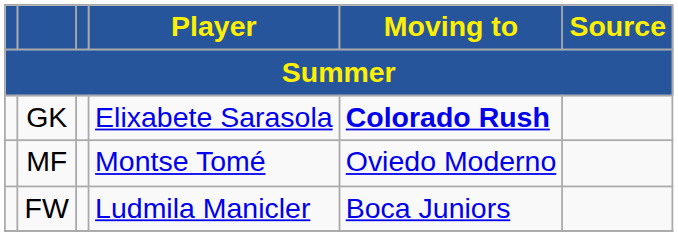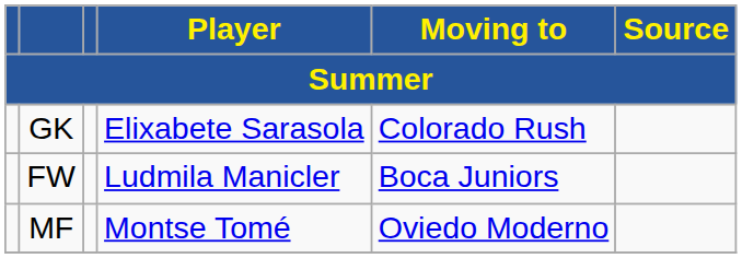 <table class="wikitable plainrowheaders sortable" style="text-align:center">
 <tr>
 <th style="background:#26559B; color:#FFF000; "></th>
 <th style="background:#26559B; color:#FFF000; "></th>
 <th style="background:#26559B; color:#FFF000; "></th>
 <th style="background:#26559B; color:#FFF000; ">Player</th>
 <th style="background:#26559B; color:#FFF000; ">Moving to</th>
 <th style="background:#26559B; color:#FFF000; ">Source</th>
 </tr>
 <tr>
 <th colspan=6 style="background:#26559B; color:#FFF000; ">Summer</th>
 </tr>
 <tr>
 <td></td>
 <td>GK</td>
 <td></td>
 <td align=left><a href='#'>Elixabete Sarasola</a></td>
-<td align="left"><strong> <a href='#'>Colorado Rush</a></strong></td>
+<td align="left"> <a href='#'>Colorado Rush</a></td>
+<td></td>
+</tr>
+<tr>
+<td></td>
+<td>FW</td>
+<td></td>
+<td align=left><a href='#'>Ludmila Manicler</a></td>
+<td align="left"> <a href='#'>Boca Juniors</a></td>
 <td></td>
 </tr>
 <tr>
 <td></td>
 <td>MF</td>
 <td></td>
 <td align=left><a href='#'>Montse Tomé</a></td>
 <td align="left"><a href='#'>Oviedo Moderno</a></td>
 <td></td>
 </tr>
 <tr>
-<td></td>
-<td>FW</td>
-<td></td>
-<td align=left><a href='#'>Ludmila Manicler</a></td>
-<td align="left"> <a href='#'>Boca Juniors</a></td>
-<td></td>
-</tr>
-<tr>
 </tr>
 </table>
